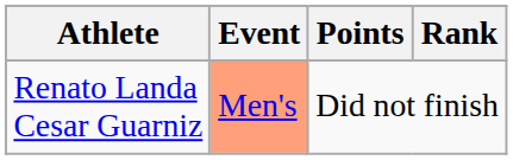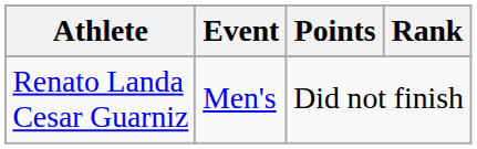 <table class="wikitable" style="font-size:90%;text-align:center">
 <tr>
 <th>Athlete</th>
 <th>Event</th>
 <th>Points</th>
 <th>Rank</th>
 </tr>
 <tr>
 <td align=left><a href='#'>Renato Landa</a><br><a href='#'>Cesar Guarniz</a></td>
-<td style="background: lightsalmon; text-align:left"><a href='#'>Men's</a></td>
+<td style="text-align:left"><a href='#'>Men's</a></td>
 <td colspan=2>Did not finish</td>
 </tr>
 </table>
